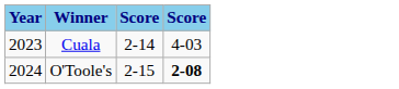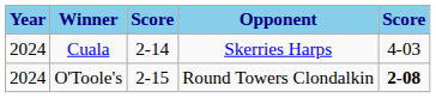 <table class="wikitable" style="text-align:center;">
 <tr>
 <th style="background:skyblue;color:navy;">Year</th>
 <th style="background:skyblue;color:navy;">Winner</th>
 <th style="background:skyblue;color:navy;">Score</th>
+<th style="background:skyblue;color:navy;">Opponent</th>
 <th style="background:skyblue;color:navy;">Score</th>
 </tr>
 <tr>
-<td>2023</td>
+<td>2024</td>
 <td><a href='#'>Cuala</a></td>
 <td>2-14</td>
+<td><a href='#'>Skerries Harps</a></td>
 <td>4-03</td>
 </tr>
 <tr>
 <td>2024</td>
 <td>O'Toole's</td>
 <td>2-15</td>
+<td>Round Towers Clondalkin</td>
 <td><strong>2-08</strong></td>
 </tr>
 </table>
